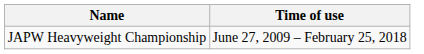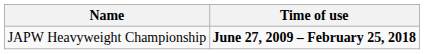 <table class="wikitable" border="1">
 <tr>
 <th>Name</th>
 <th>Time of use</th>
 </tr>
 <tr>
 <td>JAPW Heavyweight Championship</td>
-<td>June 27, 2009 – February 25, 2018</td>
+<td><strong>June 27, 2009 – February 25, 2018</strong></td>
 </tr>
 </table>
